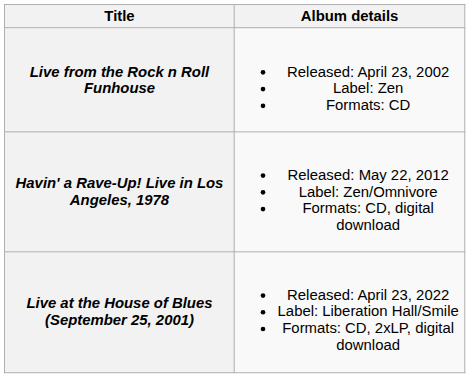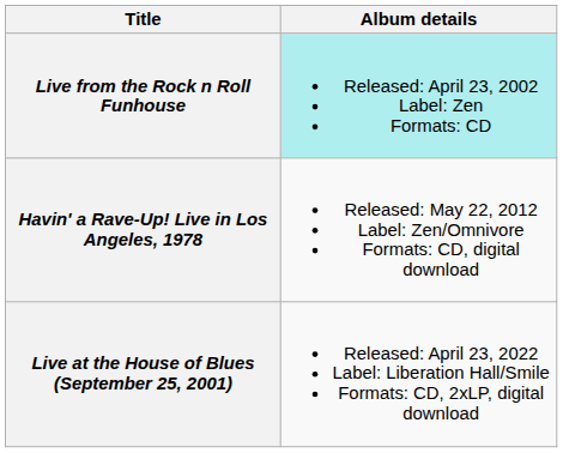 <table class="wikitable plainrowheaders" style="text-align:center;">
 <tr>
 <th scope="col" style="width:15em;">Title</th>
 <th scope="col" style="width:15em;">Album details</th>
 </tr>
 <tr>
 <th scope="row"><em>Live from the Rock n Roll Funhouse</em></th>
-<td><br><ul><li>Released: April 23, 2002</li><li>Label: Zen</li><li>Formats: CD</li></ul></td>
+<td style="background: paleturquoise;"><br><ul><li>Released: April 23, 2002</li><li>Label: Zen</li><li>Formats: CD</li></ul></td>
 </tr>
 <tr>
 <th scope="row"><em>Havin' a Rave-Up! Live in Los Angeles, 1978</em></th>
 <td><br><ul><li>Released: May 22, 2012</li><li>Label: Zen/Omnivore</li><li>Formats: CD, digital download</li></ul></td>
 </tr>
 <tr>
 <th scope="row"><em>Live at the House of Blues (September 25, 2001)</em></th>
 <td><br><ul><li>Released: April 23, 2022</li><li>Label: Liberation Hall/Smile</li><li>Formats: CD, 2xLP, digital download</li></ul></td>
 </tr>
 </table>
